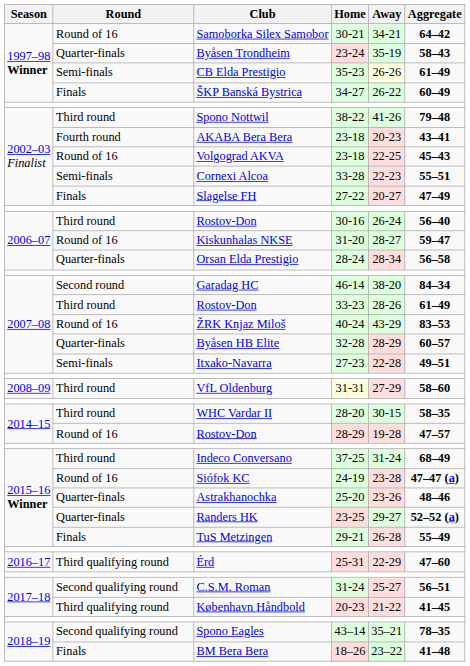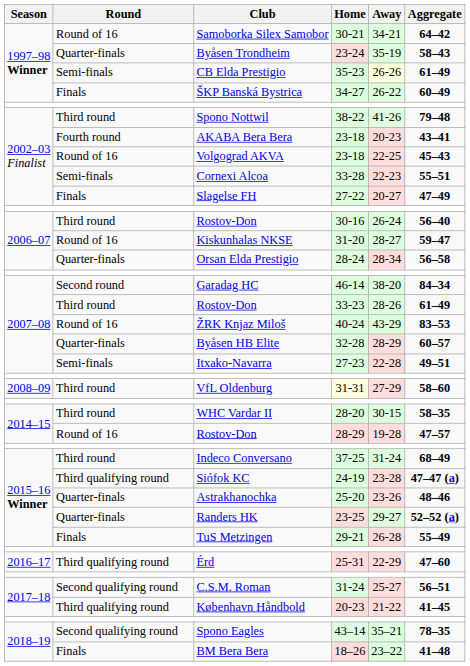 <table class="wikitable">
 <tr>
 <th>Season</th>
 <th width=175>Round</th>
 <th>Club</th>
 <th>Home</th>
 <th>Away</th>
 <th>Aggregate</th>
 </tr>
 <tr>
 <td rowspan=4><a href='#'>1997–98</a><br> <strong>Winner</strong></td>
 <td>Round of 16</td>
 <td> <a href='#'>Samoborka Silex Samobor</a></td>
 <td style="text-align:center; background:#dfd;">30-21</td>
 <td style="text-align:center; background:#dfd;">34-21</td>
 <td style="text-align:center;"><strong>64–42</strong></td>
 </tr>
 <tr>
 <td>Quarter-finals</td>
 <td> <a href='#'>Byåsen Trondheim</a></td>
 <td style="text-align:center; background:#fdd;">23-24</td>
 <td style="text-align:center; background:#dfd;">35-19</td>
 <td style="text-align:center;"><strong>58–43</strong></td>
 </tr>
 <tr>
 <td>Semi-finals</td>
 <td> <a href='#'>CB Elda Prestigio</a></td>
 <td style="text-align:center; background:#dfd;">35-23</td>
 <td style="text-align:center; background:#ffd;">26-26</td>
 <td style="text-align:center;"><strong>61–49</strong></td>
 </tr>
 <tr>
 <td>Finals</td>
 <td> <a href='#'>ŠKP Banská Bystrica</a></td>
 <td style="text-align:center; background:#dfd;">34-27</td>
 <td style="text-align:center; background:#dfd;">26-22</td>
 <td style="text-align:center;"><strong>60–49</strong></td>
 </tr>
 <tr>
 <td colspan=7 style="text-align: center;" bgcolor=white></td>
 </tr>
 <tr>
 <td rowspan=5><a href='#'>2002–03</a><br> <em>Finalist</em></td>
 <td>Third round</td>
 <td> <a href='#'>Spono Nottwil</a></td>
 <td style="text-align:center; background:#dfd;">38-22</td>
 <td style="text-align:center; background:#dfd;">41-26</td>
 <td style="text-align:center;"><strong>79–48</strong></td>
 </tr>
 <tr>
 <td>Fourth round</td>
 <td> <a href='#'>AKABA Bera Bera</a></td>
 <td style="text-align:center; background:#dfd;">23-18</td>
 <td style="text-align:center; background:#fdd;">20-23</td>
 <td style="text-align:center;"><strong>43–41</strong></td>
 </tr>
 <tr>
 <td>Round of 16</td>
 <td> <a href='#'>Volgograd AKVA</a></td>
 <td style="text-align:center; background:#dfd;">23-18</td>
 <td style="text-align:center; background:#fdd;">22-25</td>
 <td style="text-align:center;"><strong>45–43</strong></td>
 </tr>
 <tr>
 <td>Semi-finals</td>
 <td> <a href='#'>Cornexi Alcoa</a></td>
 <td style="text-align:center; background:#dfd;">33-28</td>
 <td style="text-align:center; background:#fdd;">22-23</td>
 <td style="text-align:center;"><strong>55–51</strong></td>
 </tr>
 <tr>
 <td>Finals</td>
 <td> <a href='#'>Slagelse FH</a></td>
 <td style="text-align:center; background:#dfd;">27-22</td>
 <td style="text-align:center; background:#fdd;">20-27</td>
 <td style="text-align:center;"><strong>47–49</strong></td>
 </tr>
 <tr>
 <td colspan=7 style="text-align: center;" bgcolor=white></td>
 </tr>
 <tr>
 <td rowspan=3><a href='#'>2006–07</a></td>
 <td>Third round</td>
 <td> <a href='#'>Rostov-Don</a></td>
 <td style="text-align:center; background:#dfd;">30-16</td>
 <td style="text-align:center; background:#dfd;">26-24</td>
 <td style="text-align:center;"><strong>56–40</strong></td>
 </tr>
 <tr>
 <td>Round of 16</td>
 <td> <a href='#'>Kiskunhalas NKSE</a></td>
 <td style="text-align:center; background:#dfd;">31-20</td>
 <td style="text-align:center; background:#dfd;">28-27</td>
 <td style="text-align:center;"><strong>59–47</strong></td>
 </tr>
 <tr>
 <td>Quarter-finals</td>
 <td> <a href='#'>Orsan Elda Prestigio</a></td>
 <td style="text-align:center; background:#dfd;">28-24</td>
 <td style="text-align:center; background:#fdd;">28-34</td>
 <td style="text-align:center;"><strong>56–58</strong></td>
 </tr>
 <tr>
 <td colspan=7 style="text-align: center;" bgcolor=white></td>
 </tr>
 <tr>
 <td rowspan=5><a href='#'>2007–08</a></td>
 <td>Second round</td>
 <td> <a href='#'>Garadag HC</a></td>
 <td style="text-align:center; background:#dfd;">46-14</td>
 <td style="text-align:center; background:#dfd;">38-20</td>
 <td style="text-align:center;"><strong>84–34</strong></td>
 </tr>
 <tr>
 <td>Third round</td>
 <td> <a href='#'>Rostov-Don</a></td>
 <td style="text-align:center; background:#dfd;">33-23</td>
 <td style="text-align:center; background:#dfd;">28-26</td>
 <td style="text-align:center;"><strong>61–49</strong></td>
 </tr>
 <tr>
 <td>Round of 16</td>
 <td> <a href='#'>ŽRK Knjaz Miloš</a></td>
 <td style="text-align:center; background:#dfd;">40-24</td>
 <td style="text-align:center; background:#dfd;">43-29</td>
 <td style="text-align:center;"><strong>83–53</strong></td>
 </tr>
 <tr>
 <td>Quarter-finals</td>
 <td> <a href='#'>Byåsen HB Elite</a></td>
 <td style="text-align:center; background:#dfd;">32-28</td>
 <td style="text-align:center; background:#fdd;">28-29</td>
 <td style="text-align:center;"><strong>60–57</strong></td>
 </tr>
 <tr>
 <td>Semi-finals</td>
 <td> <a href='#'>Itxako-Navarra</a></td>
 <td style="text-align:center; background:#dfd;">27-23</td>
 <td style="text-align:center; background:#fdd;">22-28</td>
 <td style="text-align:center;"><strong>49–51</strong></td>
 </tr>
 <tr>
 <td colspan=7 style="text-align: center;" bgcolor=white></td>
 </tr>
 <tr>
 <td rowspan=1><a href='#'>2008–09</a></td>
 <td>Third round</td>
 <td> <a href='#'>VfL Oldenburg</a></td>
 <td style="text-align:center; background:#ffd;">31-31</td>
 <td style="text-align:center; background:#fdd;">27-29</td>
 <td style="text-align:center;"><strong>58–60</strong></td>
 </tr>
 <tr>
 <td colspan=7 style="text-align: center;" bgcolor=white></td>
 </tr>
 <tr>
 <td rowspan=2><a href='#'>2014–15</a></td>
 <td>Third round</td>
 <td> <a href='#'>WHC Vardar II</a></td>
 <td style="text-align:center; background:#dfd;">28-20</td>
 <td style="text-align:center; background:#dfd;">30-15</td>
 <td style="text-align:center;"><strong>58–35</strong></td>
 </tr>
 <tr>
 <td>Round of 16</td>
 <td> <a href='#'>Rostov-Don</a></td>
 <td style="text-align:center; background:#fdd;">28-29</td>
 <td style="text-align:center; background:#fdd;">19-28</td>
 <td style="text-align:center;"><strong>47–57</strong></td>
 </tr>
 <tr>
 <td colspan=7 style="text-align: center;" bgcolor=white></td>
 </tr>
 <tr>
 <td rowspan=5><a href='#'>2015–16</a><br> <strong>Winner</strong></td>
 <td>Third round</td>
 <td> <a href='#'>Indeco Conversano</a></td>
 <td style="text-align:center; background:#dfd;">37-25</td>
 <td style="text-align:center; background:#dfd;">31-24</td>
 <td style="text-align:center;"><strong>68–49</strong></td>
 </tr>
 <tr>
-<td>Round of 16</td>
+<td>Third qualifying round</td>
 <td> <a href='#'>Siófok KC</a></td>
 <td style="text-align:center; background:#dfd;">24-19</td>
 <td style="text-align:center; background:#fdd;">23-28</td>
 <td style="text-align:center;"><strong>47–47 (<a href='#'>a</a>)</strong></td>
 </tr>
 <tr>
 <td>Quarter-finals</td>
 <td> <a href='#'>Astrakhanochka</a></td>
 <td style="text-align:center; background:#dfd;">25-20</td>
 <td style="text-align:center; background:#fdd;">23-26</td>
 <td style="text-align:center;"><strong>48–46</strong></td>
 </tr>
 <tr>
 <td>Quarter-finals</td>
 <td> <a href='#'>Randers HK</a></td>
 <td style="text-align:center; background:#fdd;">23-25</td>
 <td style="text-align:center; background:#dfd;">29-27</td>
 <td style="text-align:center;"><strong>52–52 (<a href='#'>a</a>)</strong></td>
 </tr>
 <tr>
 <td>Finals</td>
 <td> <a href='#'>TuS Metzingen</a></td>
 <td style="text-align:center; background:#dfd;">29-21</td>
 <td style="text-align:center; background:#fdd;">26-28</td>
 <td style="text-align:center;"><strong>55–49</strong></td>
 </tr>
 <tr>
 <td colspan=7 style="text-align: center;" bgcolor=white></td>
 </tr>
 <tr>
 <td rowspan=1><a href='#'>2016–17</a></td>
 <td>Third qualifying round</td>
 <td> <a href='#'>Érd</a></td>
 <td style="text-align:center; background:#fdd;">25-31</td>
 <td style="text-align:center; background:#fdd;">22-29</td>
 <td style="text-align:center;"><strong>47–60</strong></td>
 </tr>
 <tr>
 <td colspan=7 style="text-align: center;" bgcolor=white></td>
 </tr>
 <tr>
 <td rowspan=2><a href='#'>2017–18</a></td>
 <td>Second qualifying round</td>
 <td> <a href='#'>C.S.M. Roman</a></td>
 <td style="text-align:center; background:#dfd;">31-24</td>
 <td style="text-align:center; background:#fdd;">25-27</td>
 <td style="text-align:center;"><strong>56–51</strong></td>
 </tr>
 <tr>
 <td>Third qualifying round</td>
 <td> <a href='#'>København Håndbold</a></td>
 <td style="text-align:center; background:#fdd;">20-23</td>
 <td style="text-align:center; background:#fdd;">21-22</td>
 <td style="text-align:center;"><strong>41–45</strong></td>
 </tr>
 <tr>
 <td colspan=7 style="text-align: center;" bgcolor=white></td>
 </tr>
 <tr>
 <td rowspan=2><a href='#'>2018–19</a></td>
 <td>Second qualifying round</td>
 <td> <a href='#'>Spono Eagles</a></td>
 <td style="text-align:center; background:#dfd;">43–14</td>
 <td style="text-align:center; background:#dfd;">35–21</td>
 <td style="text-align:center;"><strong>78–35</strong></td>
 </tr>
 <tr>
 <td>Finals</td>
 <td> <a href='#'>BM Bera Bera</a></td>
 <td style="text-align:center; background:#fdd;">18–26</td>
 <td style="text-align:center; background:#dfd;">23–22</td>
 <td style="text-align:center;"><strong>41–48</strong></td>
 </tr>
 </table>
